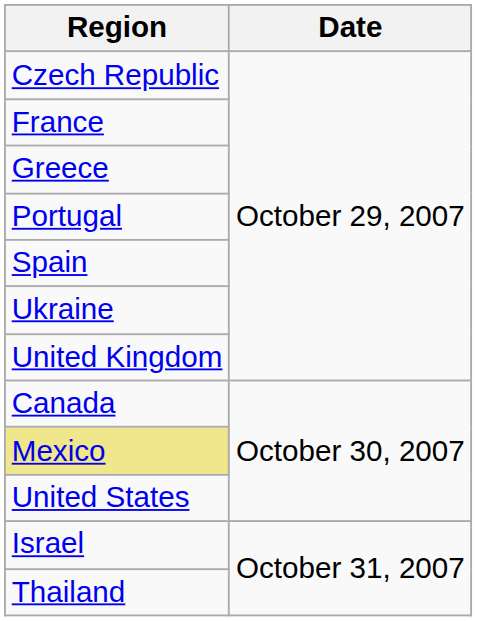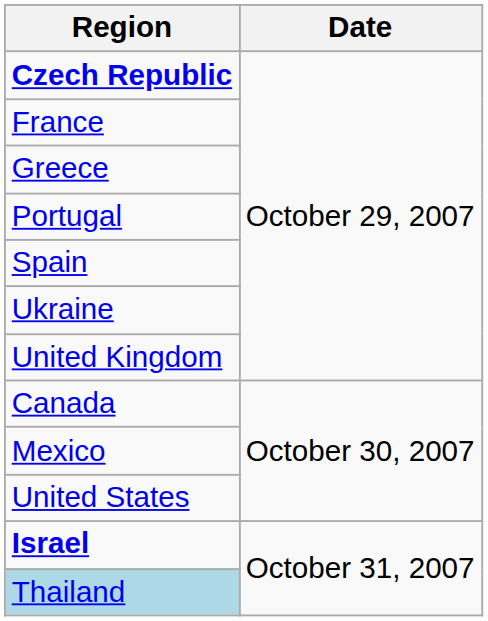 <table class="wikitable">
 <tr>
 <th>Region</th>
 <th>Date</th>
 </tr>
 <tr>
-<td><a href='#'>Czech Republic</a></td>
+<td><strong><a href='#'>Czech Republic</a></strong></td>
 <td rowspan="7">October 29, 2007</td>
 </tr>
 <tr>
 <td><a href='#'>France</a></td>
 </tr>
 <tr>
 <td><a href='#'>Greece</a></td>
 </tr>
 <tr>
 <td><a href='#'>Portugal</a></td>
 </tr>
 <tr>
 <td><a href='#'>Spain</a></td>
 </tr>
 <tr>
 <td><a href='#'>Ukraine</a></td>
 </tr>
 <tr>
 <td><a href='#'>United Kingdom</a></td>
 </tr>
 <tr>
 <td><a href='#'>Canada</a></td>
 <td rowspan="3">October 30, 2007</td>
 </tr>
 <tr>
-<td style="background: khaki;"><a href='#'>Mexico</a></td>
+<td><a href='#'>Mexico</a></td>
 </tr>
 <tr>
 <td><a href='#'>United States</a></td>
 </tr>
 <tr>
-<td><a href='#'>Israel</a></td>
+<td><strong><a href='#'>Israel</a></strong></td>
 <td rowspan="2">October 31, 2007</td>
 </tr>
 <tr>
-<td><a href='#'>Thailand</a></td>
+<td style="background: lightblue;"><a href='#'>Thailand</a></td>
 </tr>
 </table>
